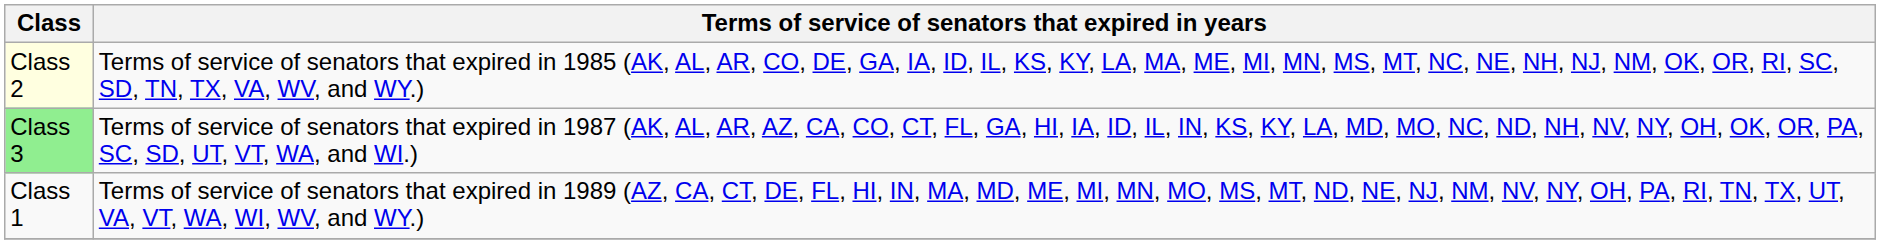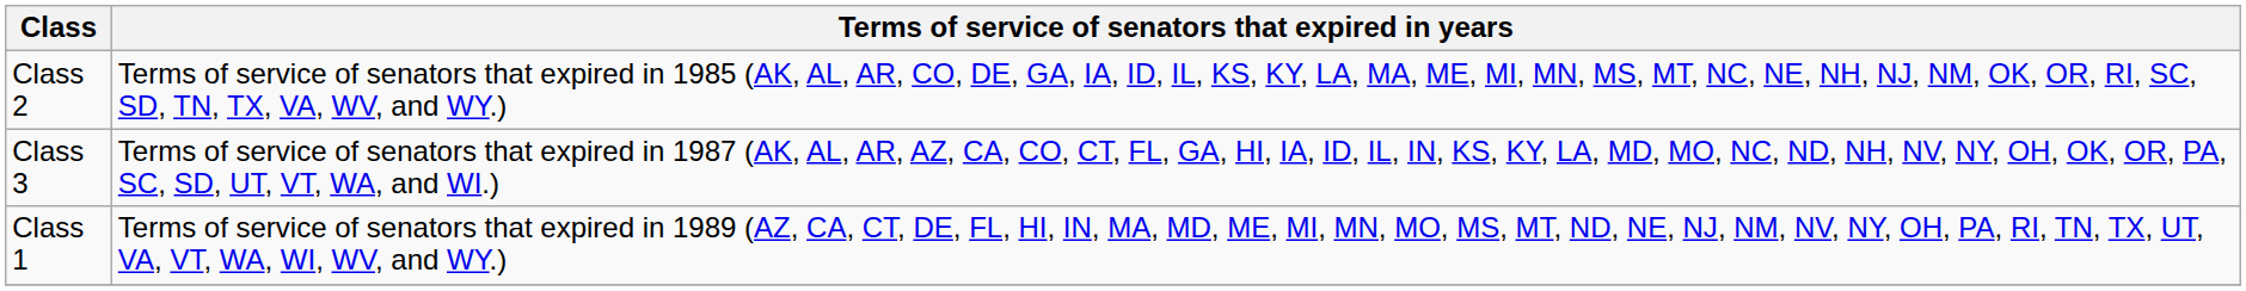 <table class="wikitable sortable">
 <tr valign=bottom>
 <th>Class</th>
 <th>Terms of service of senators that expired in years</th>
 </tr>
 <tr>
-<td style="background: lightyellow;">Class 2</td>
+<td>Class 2</td>
 <td>Terms of service of senators that expired in 1985 (<a href='#'>AK</a>, <a href='#'>AL</a>, <a href='#'>AR</a>, <a href='#'>CO</a>, <a href='#'>DE</a>, <a href='#'>GA</a>, <a href='#'>IA</a>, <a href='#'>ID</a>, <a href='#'>IL</a>, <a href='#'>KS</a>, <a href='#'>KY</a>, <a href='#'>LA</a>, <a href='#'>MA</a>, <a href='#'>ME</a>,  <a href='#'>MI</a>, <a href='#'>MN</a>, <a href='#'>MS</a>, <a href='#'>MT</a>, <a href='#'>NC</a>, <a href='#'>NE</a>, <a href='#'>NH</a>, <a href='#'>NJ</a>, <a href='#'>NM</a>, <a href='#'>OK</a>, <a href='#'>OR</a>, <a href='#'>RI</a>, <a href='#'>SC</a>, <a href='#'>SD</a>, <a href='#'>TN</a>, <a href='#'>TX</a>, <a href='#'>VA</a>, <a href='#'>WV</a>, and <a href='#'>WY</a>.)</td>
 </tr>
 <tr>
-<td style="background: lightgreen;">Class 3</td>
+<td>Class 3</td>
 <td>Terms of service of senators that expired in 1987 (<a href='#'>AK</a>, <a href='#'>AL</a>, <a href='#'>AR</a>, <a href='#'>AZ</a>, <a href='#'>CA</a>, <a href='#'>CO</a>, <a href='#'>CT</a>, <a href='#'>FL</a>, <a href='#'>GA</a>, <a href='#'>HI</a>, <a href='#'>IA</a>, <a href='#'>ID</a>, <a href='#'>IL</a>, <a href='#'>IN</a>,  <a href='#'>KS</a>, <a href='#'>KY</a>, <a href='#'>LA</a>, <a href='#'>MD</a>, <a href='#'>MO</a>, <a href='#'>NC</a>, <a href='#'>ND</a>, <a href='#'>NH</a>, <a href='#'>NV</a>, <a href='#'>NY</a>, <a href='#'>OH</a>, <a href='#'>OK</a>, <a href='#'>OR</a>, <a href='#'>PA</a>, <a href='#'>SC</a>, <a href='#'>SD</a>, <a href='#'>UT</a>, <a href='#'>VT</a>, <a href='#'>WA</a>, and <a href='#'>WI</a>.)</td>
 </tr>
 <tr>
 <td>Class 1</td>
 <td>Terms of service of senators that expired in 1989 (<a href='#'>AZ</a>, <a href='#'>CA</a>, <a href='#'>CT</a>, <a href='#'>DE</a>, <a href='#'>FL</a>, <a href='#'>HI</a>, <a href='#'>IN</a>, <a href='#'>MA</a>, <a href='#'>MD</a>, <a href='#'>ME</a>, <a href='#'>MI</a>, <a href='#'>MN</a>, <a href='#'>MO</a>, <a href='#'>MS</a>, <a href='#'>MT</a>, <a href='#'>ND</a>, <a href='#'>NE</a>, <a href='#'>NJ</a>, <a href='#'>NM</a>, <a href='#'>NV</a>, <a href='#'>NY</a>, <a href='#'>OH</a>, <a href='#'>PA</a>, <a href='#'>RI</a>, <a href='#'>TN</a>, <a href='#'>TX</a>, <a href='#'>UT</a>, <a href='#'>VA</a>, <a href='#'>VT</a>, <a href='#'>WA</a>, <a href='#'>WI</a>, <a href='#'>WV</a>, and <a href='#'>WY</a>.)</td>
 </tr>
 <tr>
 </tr>
 </table>
